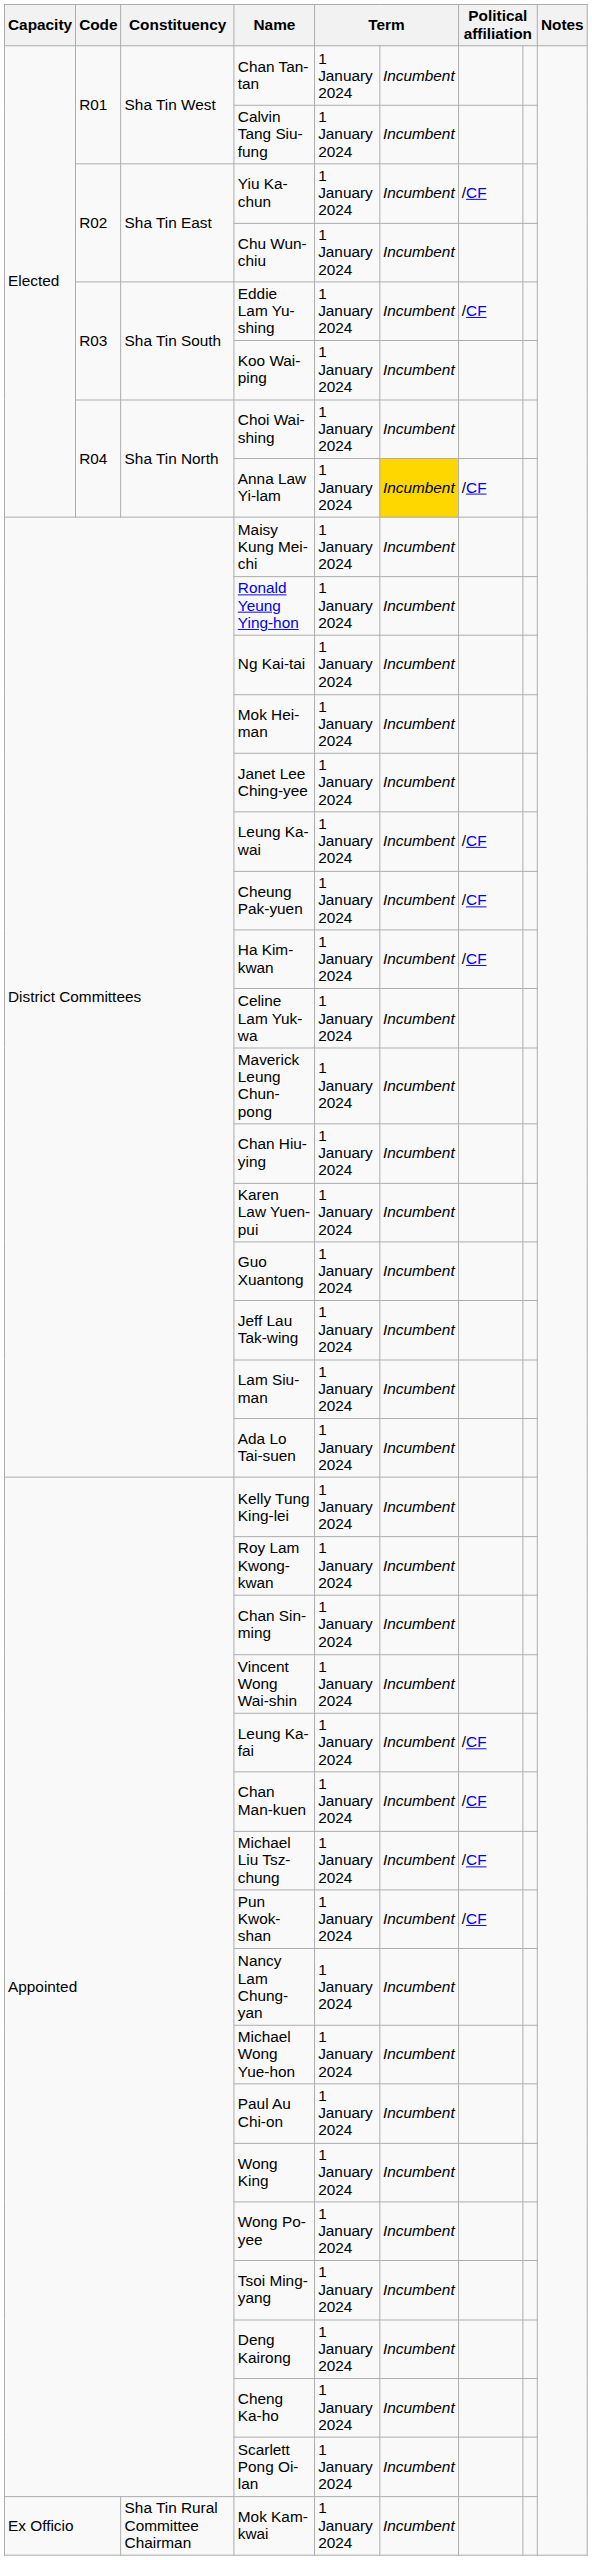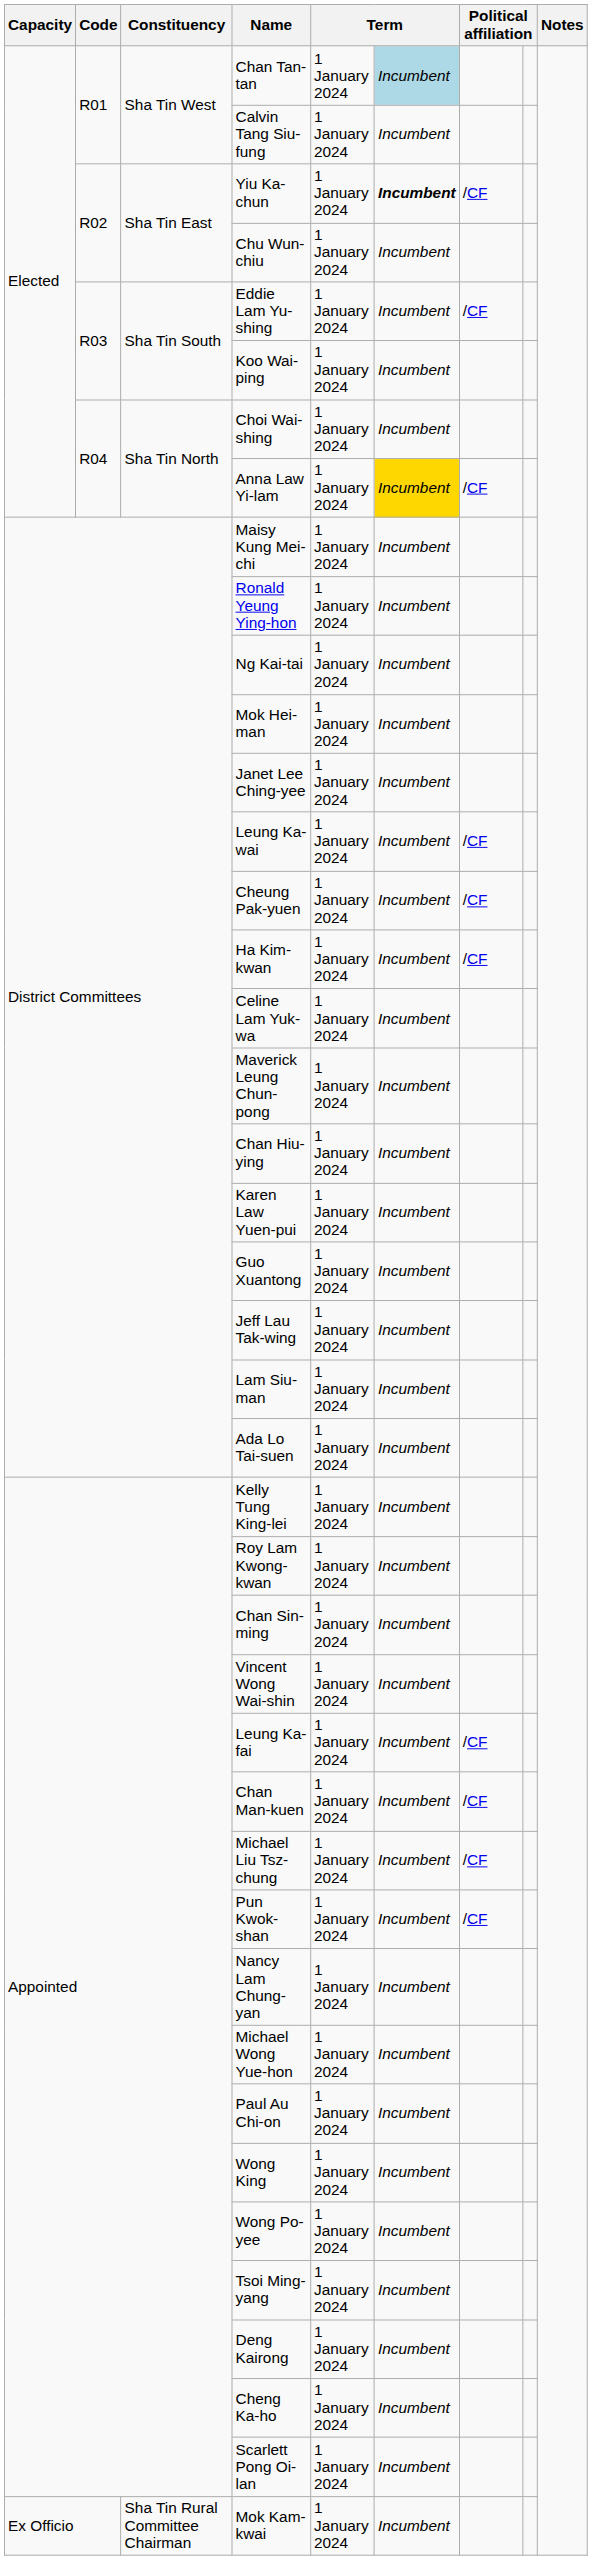 <table class="wikitable sortable" border=1>
 <tr>
 <th>Capacity</th>
 <th>Code</th>
 <th>Constituency</th>
 <th>Name</th>
 <th colspan="2">Term</th>
 <th colspan="2">Political affiliation</th>
 <th class=unsortable>Notes</th>
 </tr>
 <tr>
 <td rowspan="8">Elected</td>
 <td rowspan="2">R01</td>
 <td rowspan="2">Sha Tin West</td>
 <td>Chan Tan-tan</td>
 <td>1 January 2024</td>
-<td><em>Incumbent</em></td>
+<td style="background: lightblue;"><em>Incumbent</em></td>
 <td></td>
 <td></td>
 </tr>
 <tr>
 <td>Calvin Tang Siu-fung</td>
 <td>1 January 2024</td>
 <td><em>Incumbent</em></td>
 <td></td>
 <td></td>
 </tr>
 <tr>
 <td rowspan="2">R02</td>
 <td rowspan="2">Sha Tin East</td>
 <td>Yiu Ka-chun</td>
 <td>1 January 2024</td>
-<td><em>Incumbent</em></td>
+<td><strong><em>Incumbent</em></strong></td>
 <td>/<a href='#'>CF</a></td>
 <td></td>
 </tr>
 <tr>
 <td>Chu Wun-chiu</td>
 <td>1 January 2024</td>
 <td><em>Incumbent</em></td>
 <td></td>
 <td></td>
 </tr>
 <tr>
 <td rowspan="2">R03</td>
 <td rowspan="2">Sha Tin South</td>
 <td>Eddie Lam Yu-shing</td>
 <td>1 January 2024</td>
 <td><em>Incumbent</em></td>
 <td>/<a href='#'>CF</a></td>
 <td></td>
 </tr>
 <tr>
 <td>Koo Wai-ping</td>
 <td>1 January 2024</td>
 <td><em>Incumbent</em></td>
 <td></td>
 <td></td>
 </tr>
 <tr>
 <td rowspan="2">R04</td>
 <td rowspan="2">Sha Tin North</td>
 <td>Choi Wai-shing</td>
 <td>1 January 2024</td>
 <td><em>Incumbent</em></td>
 <td></td>
 <td></td>
 </tr>
 <tr>
 <td>Anna Law Yi-lam</td>
 <td>1 January 2024</td>
 <td style="background: gold;"><em>Incumbent</em></td>
 <td>/<a href='#'>CF</a></td>
 <td></td>
 </tr>
 <tr>
 <td colspan="3" rowspan="16">District Committees</td>
 <td>Maisy Kung Mei-chi</td>
 <td>1 January 2024</td>
 <td><em>Incumbent</em></td>
 <td></td>
 <td></td>
 </tr>
 <tr>
 <td><a href='#'>Ronald Yeung Ying-hon</a></td>
 <td>1 January 2024</td>
 <td><em>Incumbent</em></td>
 <td></td>
 <td></td>
 </tr>
 <tr>
 <td>Ng Kai-tai</td>
 <td>1 January 2024</td>
 <td><em>Incumbent</em></td>
 <td></td>
 <td></td>
 </tr>
 <tr>
 <td>Mok Hei-man</td>
 <td>1 January 2024</td>
 <td><em>Incumbent</em></td>
 <td></td>
 <td></td>
 </tr>
 <tr>
 <td>Janet Lee Ching-yee</td>
 <td>1 January 2024</td>
 <td><em>Incumbent</em></td>
 <td></td>
 <td></td>
 </tr>
 <tr>
 <td>Leung Ka-wai</td>
 <td>1 January 2024</td>
 <td><em>Incumbent</em></td>
 <td>/<a href='#'>CF</a></td>
 <td></td>
 </tr>
 <tr>
 <td>Cheung Pak-yuen</td>
 <td>1 January 2024</td>
 <td><em>Incumbent</em></td>
 <td>/<a href='#'>CF</a></td>
 <td></td>
 </tr>
 <tr>
 <td>Ha Kim-kwan</td>
 <td>1 January 2024</td>
 <td><em>Incumbent</em></td>
 <td>/<a href='#'>CF</a></td>
 <td></td>
 </tr>
 <tr>
 <td>Celine Lam Yuk-wa</td>
 <td>1 January 2024</td>
 <td><em>Incumbent</em></td>
 <td></td>
 <td></td>
 </tr>
 <tr>
 <td>Maverick Leung Chun-pong</td>
 <td>1 January 2024</td>
 <td><em>Incumbent</em></td>
 <td></td>
 <td></td>
 </tr>
 <tr>
 <td>Chan Hiu-ying</td>
 <td>1 January 2024</td>
 <td><em>Incumbent</em></td>
 <td></td>
 <td></td>
 </tr>
 <tr>
 <td>Karen Law Yuen-pui</td>
 <td>1 January 2024</td>
 <td><em>Incumbent</em></td>
 <td></td>
 <td></td>
 </tr>
 <tr>
 <td>Guo Xuantong</td>
 <td>1 January 2024</td>
 <td><em>Incumbent</em></td>
 <td></td>
 <td></td>
 </tr>
 <tr>
 <td>Jeff Lau Tak-wing</td>
 <td>1 January 2024</td>
 <td><em>Incumbent</em></td>
 <td></td>
 <td></td>
 </tr>
 <tr>
 <td>Lam Siu-man</td>
 <td>1 January 2024</td>
 <td><em>Incumbent</em></td>
 <td></td>
 <td></td>
 </tr>
 <tr>
 <td>Ada Lo Tai-suen</td>
 <td>1 January 2024</td>
 <td><em>Incumbent</em></td>
 <td></td>
 <td></td>
 </tr>
 <tr>
 <td colspan="3" rowspan="17">Appointed</td>
 <td>Kelly Tung King-lei</td>
 <td>1 January 2024</td>
 <td><em>Incumbent</em></td>
 <td></td>
 <td></td>
 </tr>
 <tr>
 <td>Roy Lam Kwong-kwan</td>
 <td>1 January 2024</td>
 <td><em>Incumbent</em></td>
 <td></td>
 <td></td>
 </tr>
 <tr>
 <td>Chan Sin-ming</td>
 <td>1 January 2024</td>
 <td><em>Incumbent</em></td>
 <td></td>
 <td></td>
 </tr>
 <tr>
 <td>Vincent Wong Wai-shin</td>
 <td>1 January 2024</td>
 <td><em>Incumbent</em></td>
 <td></td>
 <td></td>
 </tr>
 <tr>
 <td>Leung Ka-fai</td>
 <td>1 January 2024</td>
 <td><em>Incumbent</em></td>
 <td>/<a href='#'>CF</a></td>
 <td></td>
 </tr>
 <tr>
 <td>Chan Man-kuen</td>
 <td>1 January 2024</td>
 <td><em>Incumbent</em></td>
 <td>/<a href='#'>CF</a></td>
 <td></td>
 </tr>
 <tr>
 <td>Michael Liu Tsz-chung</td>
 <td>1 January 2024</td>
 <td><em>Incumbent</em></td>
 <td>/<a href='#'>CF</a></td>
 <td></td>
 </tr>
 <tr>
 <td>Pun Kwok-shan</td>
 <td>1 January 2024</td>
 <td><em>Incumbent</em></td>
 <td>/<a href='#'>CF</a></td>
 <td></td>
 </tr>
 <tr>
 <td>Nancy Lam Chung-yan</td>
 <td>1 January 2024</td>
 <td><em>Incumbent</em></td>
 <td></td>
 <td></td>
 </tr>
 <tr>
 <td>Michael Wong Yue-hon</td>
 <td>1 January 2024</td>
 <td><em>Incumbent</em></td>
 <td></td>
 <td></td>
 </tr>
 <tr>
 <td>Paul Au Chi-on</td>
 <td>1 January 2024</td>
 <td><em>Incumbent</em></td>
 <td></td>
 <td></td>
 </tr>
 <tr>
 <td>Wong King</td>
 <td>1 January 2024</td>
 <td><em>Incumbent</em></td>
 <td></td>
 <td></td>
 </tr>
 <tr>
 <td>Wong Po-yee</td>
 <td>1 January 2024</td>
 <td><em>Incumbent</em></td>
 <td></td>
 <td></td>
 </tr>
 <tr>
 <td>Tsoi Ming-yang</td>
 <td>1 January 2024</td>
 <td><em>Incumbent</em></td>
 <td></td>
 <td></td>
 </tr>
 <tr>
 <td>Deng Kairong</td>
 <td>1 January 2024</td>
 <td><em>Incumbent</em></td>
 <td></td>
 <td></td>
 </tr>
 <tr>
 <td>Cheng Ka-ho</td>
 <td>1 January 2024</td>
 <td><em>Incumbent</em></td>
 <td></td>
 <td></td>
 </tr>
 <tr>
 <td>Scarlett Pong Oi-lan</td>
 <td>1 January 2024</td>
 <td><em>Incumbent</em></td>
 <td></td>
 <td></td>
 </tr>
 <tr>
 <td colspan="2">Ex Officio</td>
 <td>Sha Tin Rural Committee Chairman</td>
 <td>Mok Kam-kwai</td>
 <td>1 January 2024</td>
 <td><em>Incumbent</em></td>
 <td></td>
 <td></td>
 </tr>
 </table>
